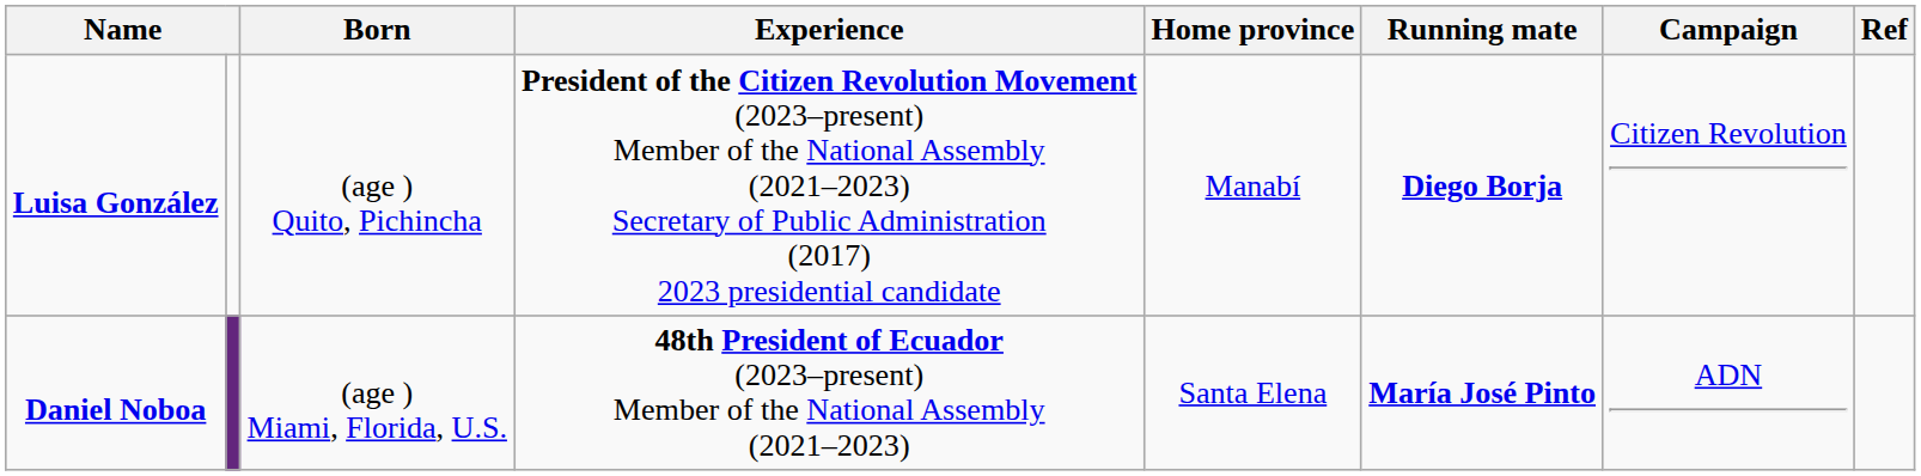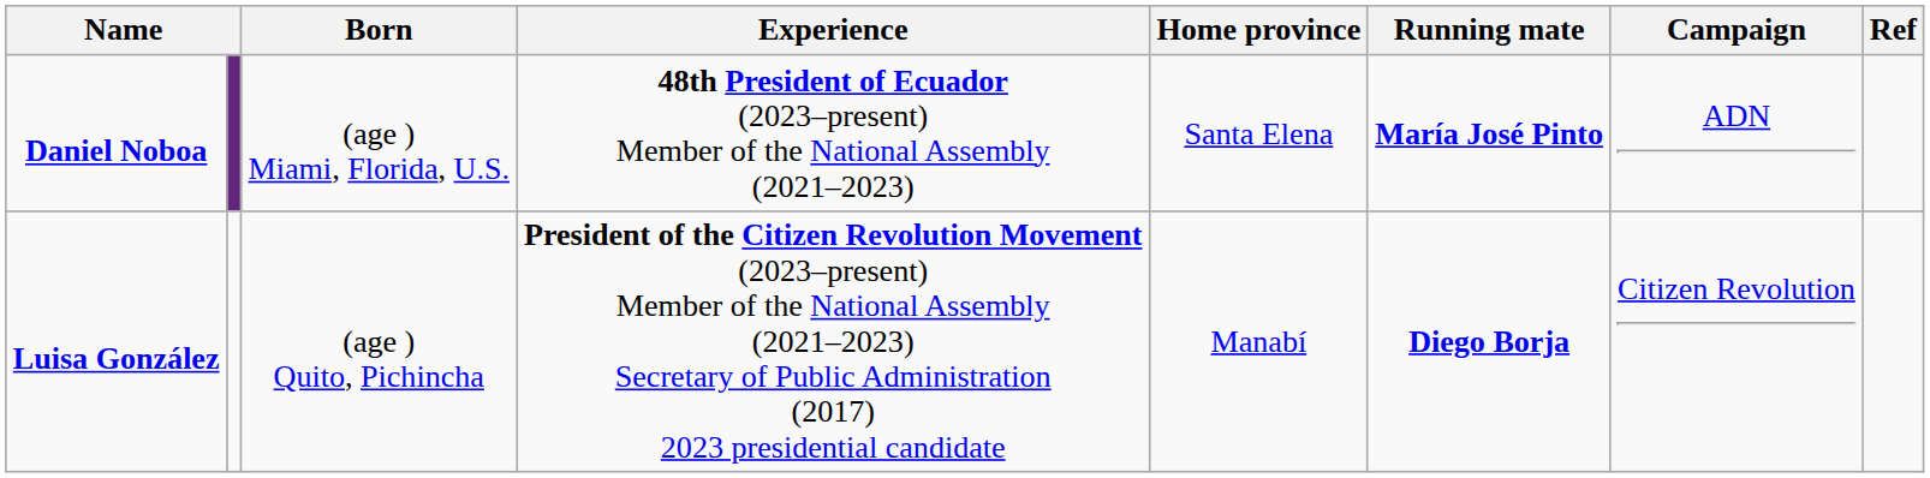 <table class="wikitable sortable" style="text-align:center;">
 <tr>
 <th scope="col" colspan=2>Name</th>
 <th>Born</th>
 <th class="unsortable">Experience</th>
 <th>Home province</th>
 <th>Running mate</th>
 <th>Campaign</th>
 <th>Ref</th>
 </tr>
 <tr>
+<td data-sort-value="Noboa, Daniel"><br><strong><a href='#'>Daniel Noboa</a></strong></td>
+<td style="background:#63267D;"></td>
+<td><br>(age )<br><a href='#'>Miami</a>, <a href='#'>Florida</a>, <a href='#'>U.S.</a></td>
+<td><strong>48th <a href='#'>President of Ecuador</a></strong><br>(2023–present)<br>Member of the <a href='#'>National Assembly</a><br>(2021–2023)</td>
+<td> <a href='#'>Santa Elena</a></td>
+<td><strong><a href='#'>María José Pinto</a></strong></td>
+<td><br> <a href='#'>ADN</a><hr><br></td>
+<td></td>
+</tr>
+<tr>
 <td data-sort-value="Gonzalez, Luisa"><br><strong><a href='#'>Luisa González</a></strong></td>
 <td style="background:"></td>
 <td><br>(age )<br><a href='#'>Quito</a>, <a href='#'>Pichincha</a></td>
 <td><strong>President of the <a href='#'>Citizen Revolution Movement</a></strong><br>(2023–present)<br>Member of the <a href='#'>National Assembly</a><br>(2021–2023)<br><a href='#'>Secretary of Public Administration</a><br>(2017)<br><a href='#'>2023 presidential candidate</a></td>
 <td> <a href='#'>Manabí</a></td>
 <td><strong><a href='#'>Diego Borja</a></strong></td>
 <td><br> <a href='#'>Citizen Revolution</a><hr><br><br><br></td>
 <td></td>
 </tr>
-<tr>
-<td data-sort-value="Noboa, Daniel"><br><strong><a href='#'>Daniel Noboa</a></strong></td>
-<td style="background:#63267D;"></td>
-<td><br>(age )<br><a href='#'>Miami</a>, <a href='#'>Florida</a>, <a href='#'>U.S.</a></td>
-<td><strong>48th <a href='#'>President of Ecuador</a></strong><br>(2023–present)<br>Member of the <a href='#'>National Assembly</a><br>(2021–2023)</td>
-<td> <a href='#'>Santa Elena</a></td>
-<td><strong><a href='#'>María José Pinto</a></strong></td>
-<td><br> <a href='#'>ADN</a><hr><br></td>
-<td></td>
-</tr>
 </table>
